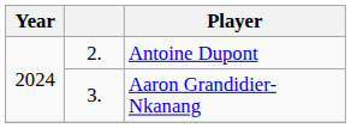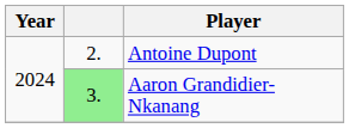 <table class="wikitable">
 <tr>
 <th width=40>Year</th>
 <th width=40></th>
 <th width=170>Player</th>
 </tr>
 <tr>
 <td align=center rowspan=2>2024</td>
 <td align=center>2.</td>
 <td><a href='#'>Antoine Dupont</a></td>
 </tr>
 <tr>
-<td align=center>3.</td>
+<td align=center style="background: lightgreen;">3.</td>
 <td><a href='#'>Aaron Grandidier-Nkanang</a></td>
 </tr>
 <tr>
 </tr>
 </table>
